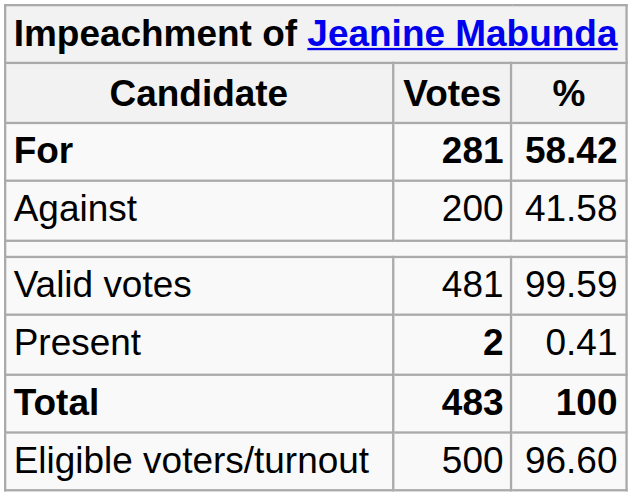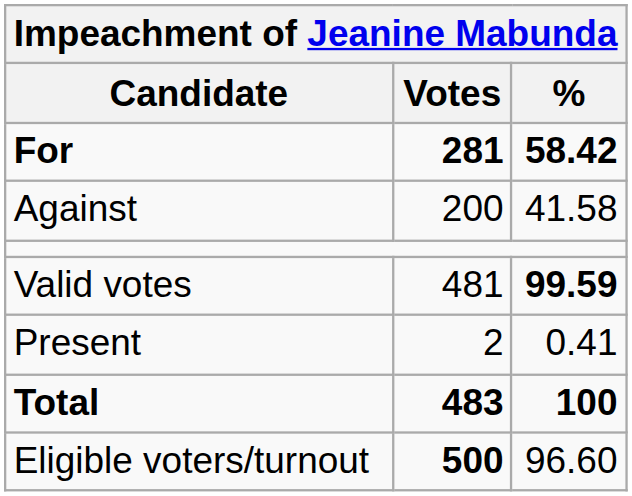 <table class=wikitable style=text-align:right>
 <tr>
 <th colspan="5">Impeachment of <a href='#'>Jeanine Mabunda</a></th>
 </tr>
 <tr>
 <th>Candidate</th>
 <th>Votes</th>
 <th>%</th>
 </tr>
 <tr>
 <td align=left><strong>For</strong></td>
 <td><strong>281</strong></td>
 <td><strong>58.42</strong></td>
 </tr>
 <tr>
 <td align=left>Against</td>
 <td>200</td>
 <td>41.58</td>
 </tr>
 <tr>
 <td colspan=12></td>
 </tr>
 <tr>
 <td style="text-align:left;">Valid votes</td>
 <td>481</td>
-<td>99.59</td>
+<td><strong>99.59</strong></td>
 </tr>
 <tr>
 <td style="text-align:left;">Present</td>
-<td><strong>2</strong></td>
+<td>2</td>
 <td>0.41</td>
 </tr>
 <tr>
 <td style="text-align:left;"><strong>Total</strong></td>
 <td><strong>483</strong></td>
 <td><strong>100</strong></td>
 </tr>
 <tr>
 <td style="text-align:left;">Eligible voters/turnout</td>
-<td>500</td>
+<td><strong>500</strong></td>
 <td>96.60</td>
 </tr>
 </table>
